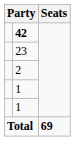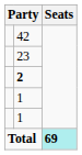 <table class="wikitable">
 <tr>
 <th colspan=2>Party</th>
 <th>Seats</th>
 </tr>
 <tr>
 <td></td>
-<td><strong>42</strong></td>
+<td>42</td>
 </tr>
 <tr>
 <td></td>
 <td>23</td>
 </tr>
 <tr>
 <td></td>
-<td>2</td>
+<td><strong>2</strong></td>
 </tr>
 <tr>
 <td></td>
 <td>1</td>
 </tr>
 <tr>
 <td></td>
 <td>1</td>
 </tr>
 <tr>
 <td colspan="2"><strong>Total</strong></td>
-<td><strong>69</strong></td>
+<td style="background: paleturquoise;"><strong>69</strong></td>
 </tr>
 </table>
